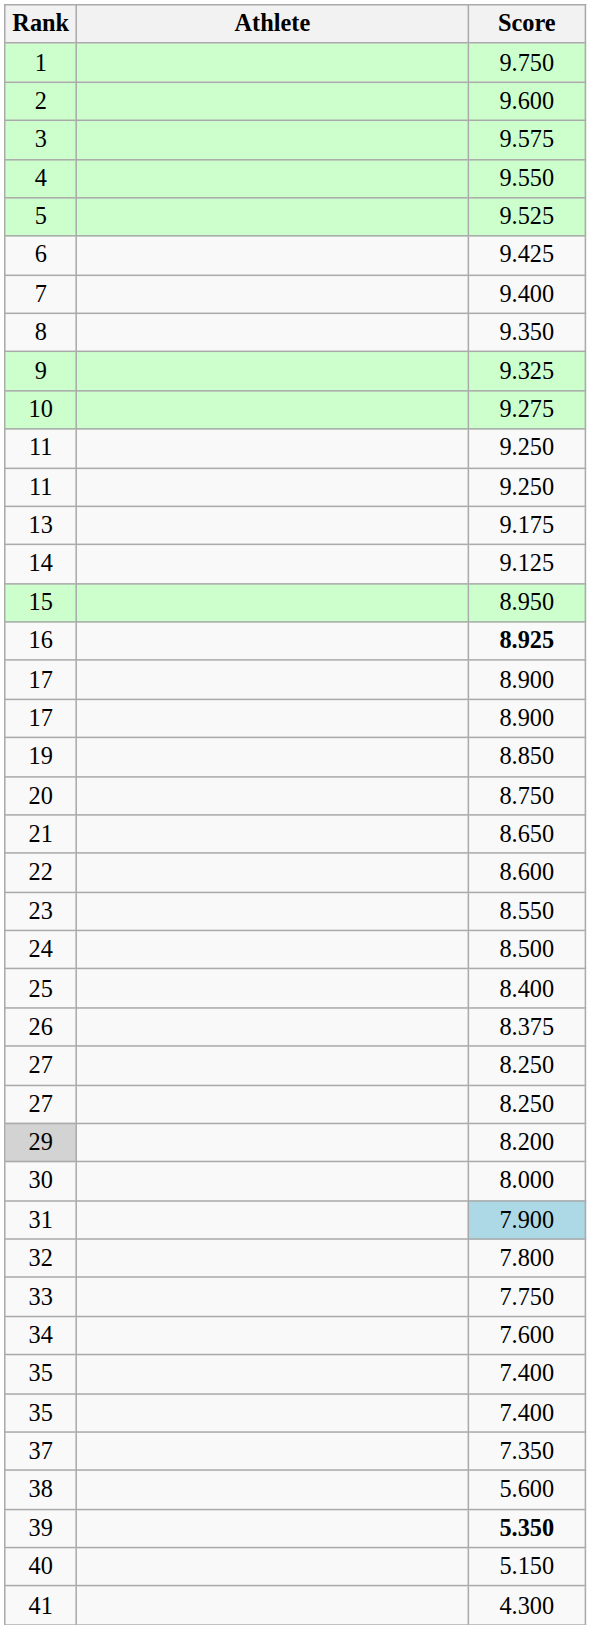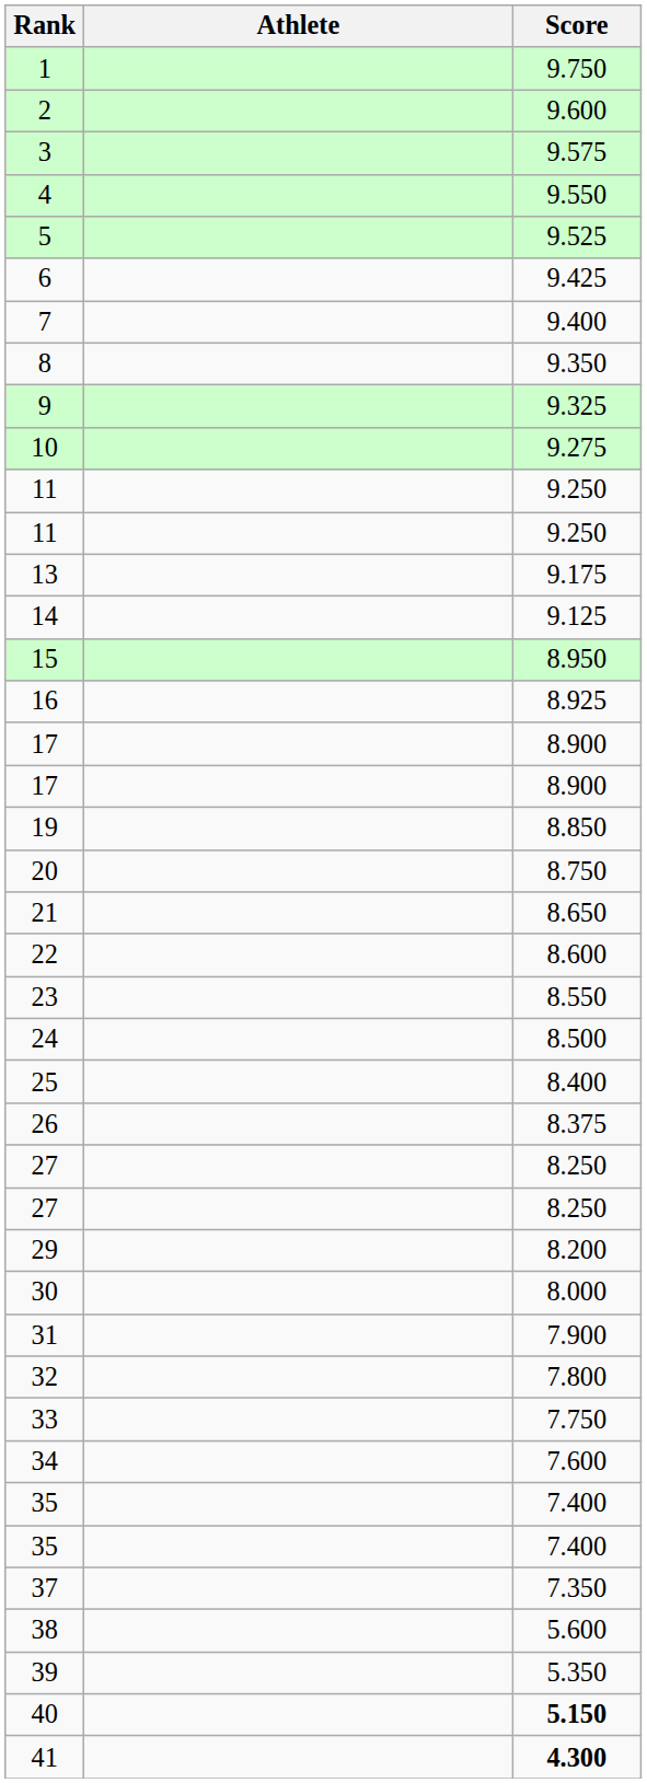 <table class=wikitable style="text-align:center">
 <tr>
 <th width=40>Rank</th>
 <th width=250>Athlete</th>
 <th width=70>Score</th>
 </tr>
 <tr bgcolor="ccffcc">
 <td>1</td>
 <td align=left></td>
 <td>9.750</td>
 </tr>
 <tr bgcolor="ccffcc">
 <td>2</td>
 <td align=left></td>
 <td>9.600</td>
 </tr>
 <tr bgcolor="ccffcc">
 <td>3</td>
 <td align=left></td>
 <td>9.575</td>
 </tr>
 <tr bgcolor="ccffcc">
 <td>4</td>
 <td align=left></td>
 <td>9.550</td>
 </tr>
 <tr bgcolor="ccffcc">
 <td>5</td>
 <td align=left></td>
 <td>9.525</td>
 </tr>
 <tr>
 <td>6</td>
 <td align=left></td>
 <td>9.425</td>
 </tr>
 <tr>
 <td>7</td>
 <td align=left></td>
 <td>9.400</td>
 </tr>
 <tr>
 <td>8</td>
 <td align=left></td>
 <td>9.350</td>
 </tr>
 <tr bgcolor="ccffcc">
 <td>9</td>
 <td align=left></td>
 <td>9.325</td>
 </tr>
 <tr bgcolor="ccffcc">
 <td>10</td>
 <td align=left></td>
 <td>9.275</td>
 </tr>
 <tr>
 <td>11</td>
 <td align=left></td>
 <td>9.250</td>
 </tr>
 <tr>
 <td>11</td>
 <td align=left></td>
 <td>9.250</td>
 </tr>
 <tr>
 <td>13</td>
 <td align=left></td>
 <td>9.175</td>
 </tr>
 <tr>
 <td>14</td>
 <td align=left></td>
 <td>9.125</td>
 </tr>
 <tr bgcolor="ccffcc">
 <td>15</td>
 <td align=left></td>
 <td>8.950</td>
 </tr>
 <tr>
 <td>16</td>
 <td align=left></td>
-<td><strong>8.925</strong></td>
+<td>8.925</td>
 </tr>
 <tr>
 <td>17</td>
 <td align=left></td>
 <td>8.900</td>
 </tr>
 <tr>
 <td>17</td>
 <td align=left></td>
 <td>8.900</td>
 </tr>
 <tr>
 <td>19</td>
 <td align=left></td>
 <td>8.850</td>
 </tr>
 <tr>
 <td>20</td>
 <td align=left></td>
 <td>8.750</td>
 </tr>
 <tr>
 <td>21</td>
 <td align=left></td>
 <td>8.650</td>
 </tr>
 <tr>
 <td>22</td>
 <td align=left></td>
 <td>8.600</td>
 </tr>
 <tr>
 <td>23</td>
 <td align=left></td>
 <td>8.550</td>
 </tr>
 <tr>
 <td>24</td>
 <td align=left></td>
 <td>8.500</td>
 </tr>
 <tr>
 <td>25</td>
 <td align=left></td>
 <td>8.400</td>
 </tr>
 <tr>
 <td>26</td>
 <td align=left></td>
 <td>8.375</td>
 </tr>
 <tr>
 <td>27</td>
 <td align=left></td>
 <td>8.250</td>
 </tr>
 <tr>
 <td>27</td>
 <td align=left></td>
 <td>8.250</td>
 </tr>
 <tr>
-<td style="background: lightgrey;">29</td>
+<td>29</td>
 <td align=left></td>
 <td>8.200</td>
 </tr>
 <tr>
 <td>30</td>
 <td align=left></td>
 <td>8.000</td>
 </tr>
 <tr>
 <td>31</td>
 <td align=left></td>
-<td style="background: lightblue;">7.900</td>
+<td>7.900</td>
 </tr>
 <tr>
 <td>32</td>
 <td align=left></td>
 <td>7.800</td>
 </tr>
 <tr>
 <td>33</td>
 <td align=left></td>
 <td>7.750</td>
 </tr>
 <tr>
 <td>34</td>
 <td align=left></td>
 <td>7.600</td>
 </tr>
 <tr>
 <td>35</td>
 <td align=left></td>
 <td>7.400</td>
 </tr>
 <tr>
 <td>35</td>
 <td align=left></td>
 <td>7.400</td>
 </tr>
 <tr>
 <td>37</td>
 <td align=left></td>
 <td>7.350</td>
 </tr>
 <tr>
 <td>38</td>
 <td align=left></td>
 <td>5.600</td>
 </tr>
 <tr>
 <td>39</td>
 <td align=left></td>
-<td><strong>5.350</strong></td>
+<td>5.350</td>
 </tr>
 <tr>
 <td>40</td>
 <td align=left></td>
-<td>5.150</td>
+<td><strong>5.150</strong></td>
 </tr>
 <tr>
 <td>41</td>
 <td align=left></td>
-<td>4.300</td>
+<td><strong>4.300</strong></td>
 </tr>
 </table>
